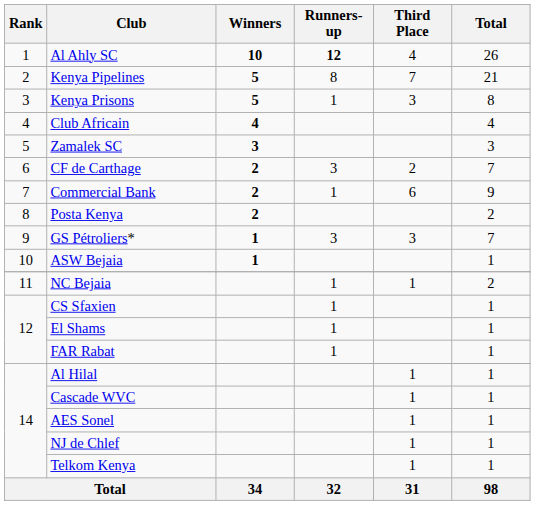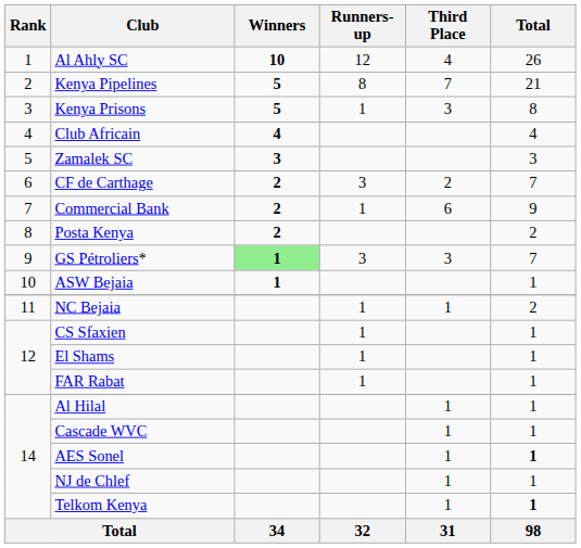 <table class="wikitable" style="text-align:center">
 <tr>
 <th width=40>Rank</th>
 <th width=180>Club</th>
 <th width=80>Winners</th>
 <th width=80>Runners-up</th>
 <th width=80>Third Place</th>
 <th width=80>Total</th>
 </tr>
 <tr>
 <td>1</td>
 <td style="text-align:left"> <a href='#'>Al Ahly SC</a></td>
 <td><strong>10</strong></td>
-<td><strong>12</strong></td>
+<td>12</td>
 <td>4</td>
 <td>26</td>
 </tr>
 <tr>
 <td>2</td>
 <td style="text-align:left"> <a href='#'>Kenya Pipelines</a></td>
 <td><strong>5</strong></td>
 <td>8</td>
 <td>7</td>
 <td>21</td>
 </tr>
 <tr>
 <td>3</td>
 <td style="text-align:left"> <a href='#'>Kenya Prisons</a></td>
 <td><strong>5</strong></td>
 <td>1</td>
 <td>3</td>
 <td>8</td>
 </tr>
 <tr>
 <td>4</td>
 <td style="text-align:left"> <a href='#'>Club Africain</a></td>
 <td><strong>4</strong></td>
 <td></td>
 <td></td>
 <td>4</td>
 </tr>
 <tr>
 <td>5</td>
 <td style="text-align:left"> <a href='#'>Zamalek SC</a></td>
 <td><strong>3</strong></td>
 <td></td>
 <td></td>
 <td>3</td>
 </tr>
 <tr>
 <td>6</td>
 <td style="text-align:left"> <a href='#'>CF de Carthage</a></td>
 <td><strong>2</strong></td>
 <td>3</td>
 <td>2</td>
 <td>7</td>
 </tr>
 <tr>
 <td>7</td>
 <td style="text-align:left"> <a href='#'>Commercial Bank</a></td>
 <td><strong>2</strong></td>
 <td>1</td>
 <td>6</td>
 <td>9</td>
 </tr>
 <tr>
 <td>8</td>
 <td style="text-align:left"> <a href='#'>Posta Kenya</a></td>
 <td><strong>2</strong></td>
 <td></td>
 <td></td>
 <td>2</td>
 </tr>
 <tr>
 <td>9</td>
 <td style="text-align:left"> <a href='#'>GS Pétroliers</a>*</td>
-<td><strong>1</strong></td>
+<td style="background: lightgreen;"><strong>1</strong></td>
 <td>3</td>
 <td>3</td>
 <td>7</td>
 </tr>
 <tr>
 <td>10</td>
 <td style="text-align:left"> <a href='#'>ASW Bejaia</a></td>
 <td><strong>1</strong></td>
 <td></td>
 <td></td>
 <td>1</td>
 </tr>
 <tr>
 </tr>
 <tr>
 <td>11</td>
 <td style="text-align:left"> <a href='#'>NC Bejaia</a></td>
 <td></td>
 <td>1</td>
 <td>1</td>
 <td>2</td>
 </tr>
 <tr>
 <td rowspan=3>12</td>
 <td style="text-align:left"> <a href='#'>CS Sfaxien</a></td>
 <td></td>
 <td>1</td>
 <td></td>
 <td>1</td>
 </tr>
 <tr>
 <td style="text-align:left"> <a href='#'>El Shams</a></td>
 <td></td>
 <td>1</td>
 <td></td>
 <td>1</td>
 </tr>
 <tr>
 <td style="text-align:left"> <a href='#'>FAR Rabat</a></td>
 <td></td>
 <td>1</td>
 <td></td>
 <td>1</td>
 </tr>
 <tr>
 <td rowspan=6>14</td>
 </tr>
 <tr>
 <td style="text-align:left"> <a href='#'>Al Hilal</a></td>
 <td></td>
 <td></td>
 <td>1</td>
 <td>1</td>
 </tr>
 <tr>
 <td style="text-align:left"> <a href='#'>Cascade WVC</a></td>
 <td></td>
 <td></td>
 <td>1</td>
 <td>1</td>
 </tr>
 <tr>
 <td style="text-align:left"> <a href='#'>AES Sonel</a></td>
 <td></td>
 <td></td>
 <td>1</td>
-<td>1</td>
+<td><strong>1</strong></td>
 </tr>
 <tr>
 <td style="text-align:left"> <a href='#'>NJ de Chlef</a></td>
 <td></td>
 <td></td>
 <td>1</td>
 <td>1</td>
 </tr>
 <tr>
 <td style="text-align:left"> <a href='#'>Telkom Kenya</a></td>
 <td></td>
 <td></td>
 <td>1</td>
-<td>1</td>
+<td><strong>1</strong></td>
 </tr>
 <tr>
 <th colspan=2>Total</th>
 <th>34</th>
 <th>32</th>
 <th>31</th>
 <th>98</th>
 </tr>
 </table>
